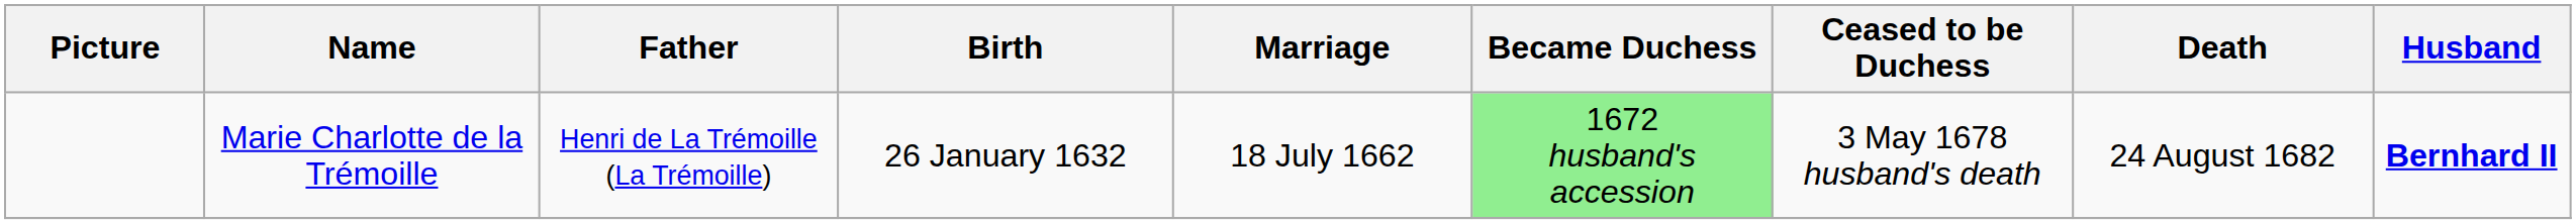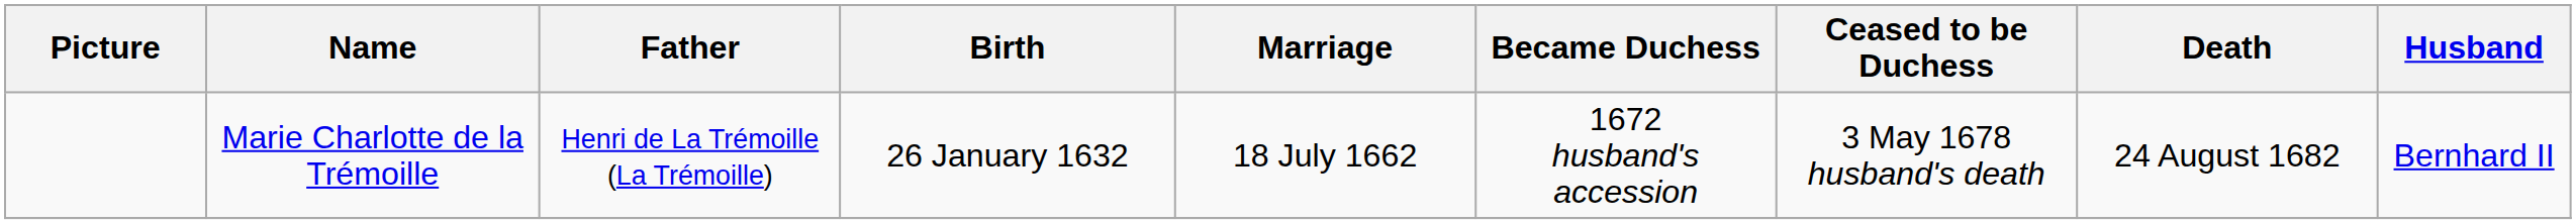 <table width=100% class="wikitable">
 <tr>
 <th width = "6%">Picture</th>
 <th width = "10%">Name</th>
 <th width = "9%">Father</th>
 <th width = "10%">Birth</th>
 <th width = "9%">Marriage</th>
 <th width = "9%">Became Duchess</th>
 <th width = "9%">Ceased to be Duchess</th>
 <th width = "9%">Death</th>
 <th width = "5%"><a href='#'>Husband</a></th>
 </tr>
 <tr>
 <td align="center"></td>
 <td align="center"><a href='#'>Marie Charlotte de la Trémoille</a></td>
 <td align="center"><small><a href='#'>Henri de La Trémoille</a><br>(<a href='#'>La Trémoille</a>)</small></td>
 <td align="center">26 January 1632</td>
 <td align="center">18 July 1662</td>
-<td align="center" style="background: lightgreen;">1672<br><em>husband's accession</em></td>
+<td align="center">1672<br><em>husband's accession</em></td>
 <td align="center">3 May 1678<br><em>husband's death</em></td>
 <td align="center">24 August 1682</td>
-<td align="center"><strong><a href='#'>Bernhard II</a></strong></td>
+<td align="center"><a href='#'>Bernhard II</a></td>
 </tr>
 <tr>
 </tr>
 </table>
